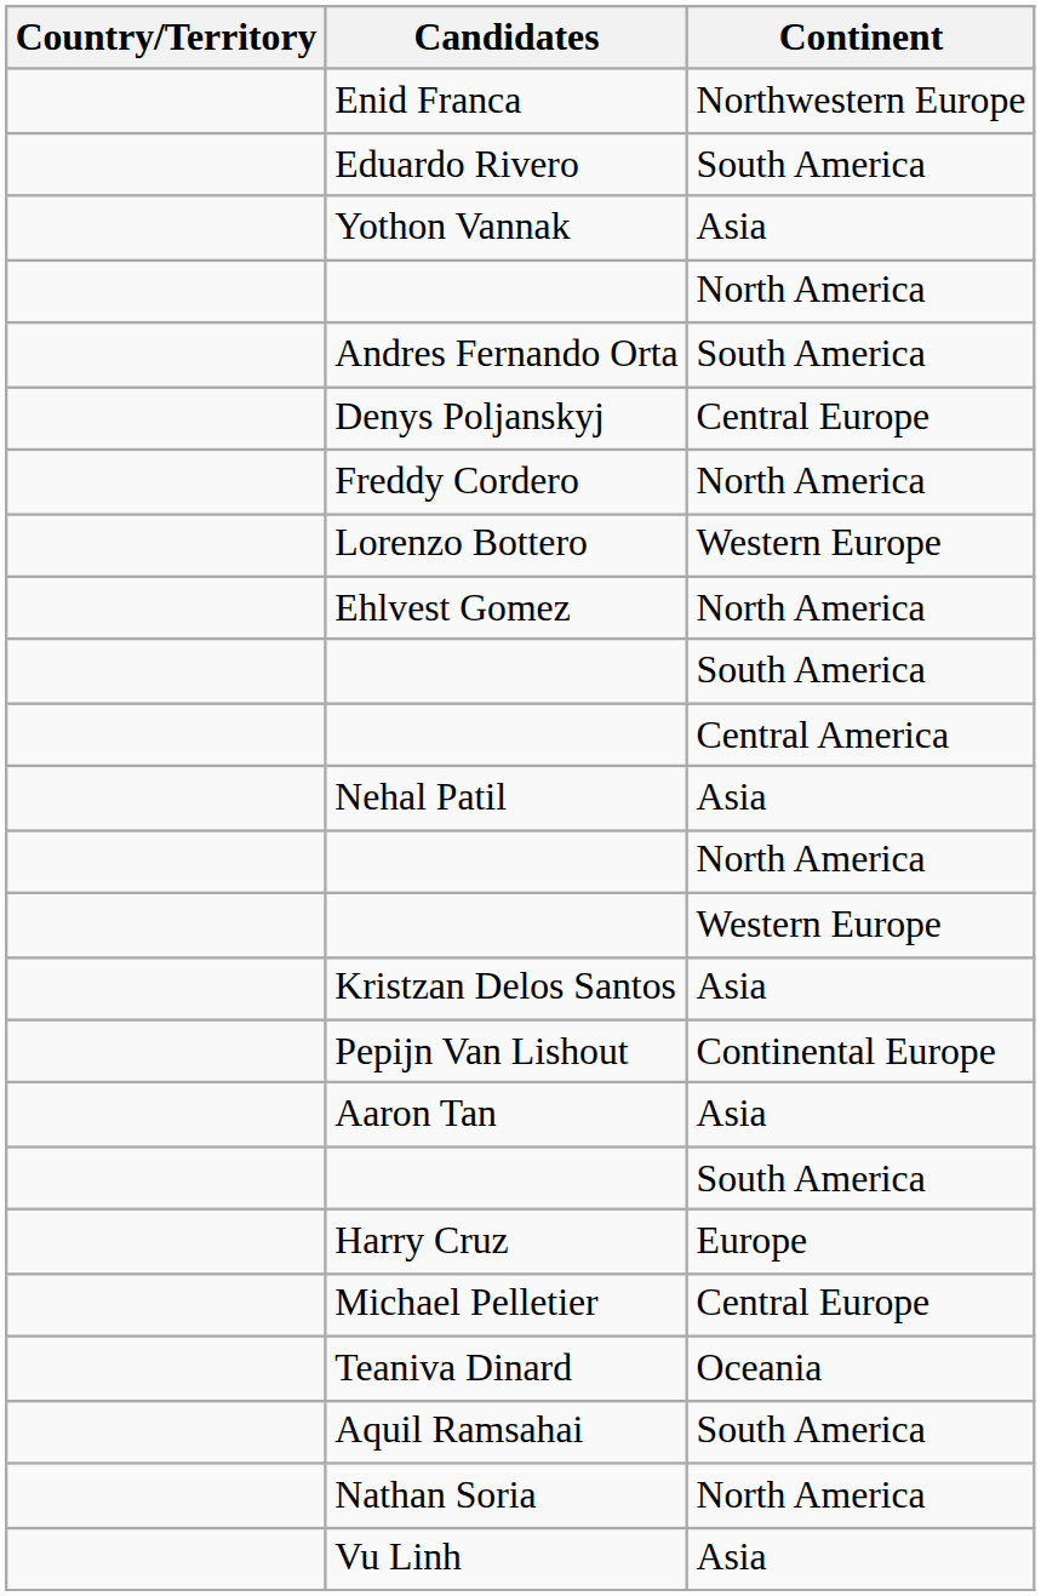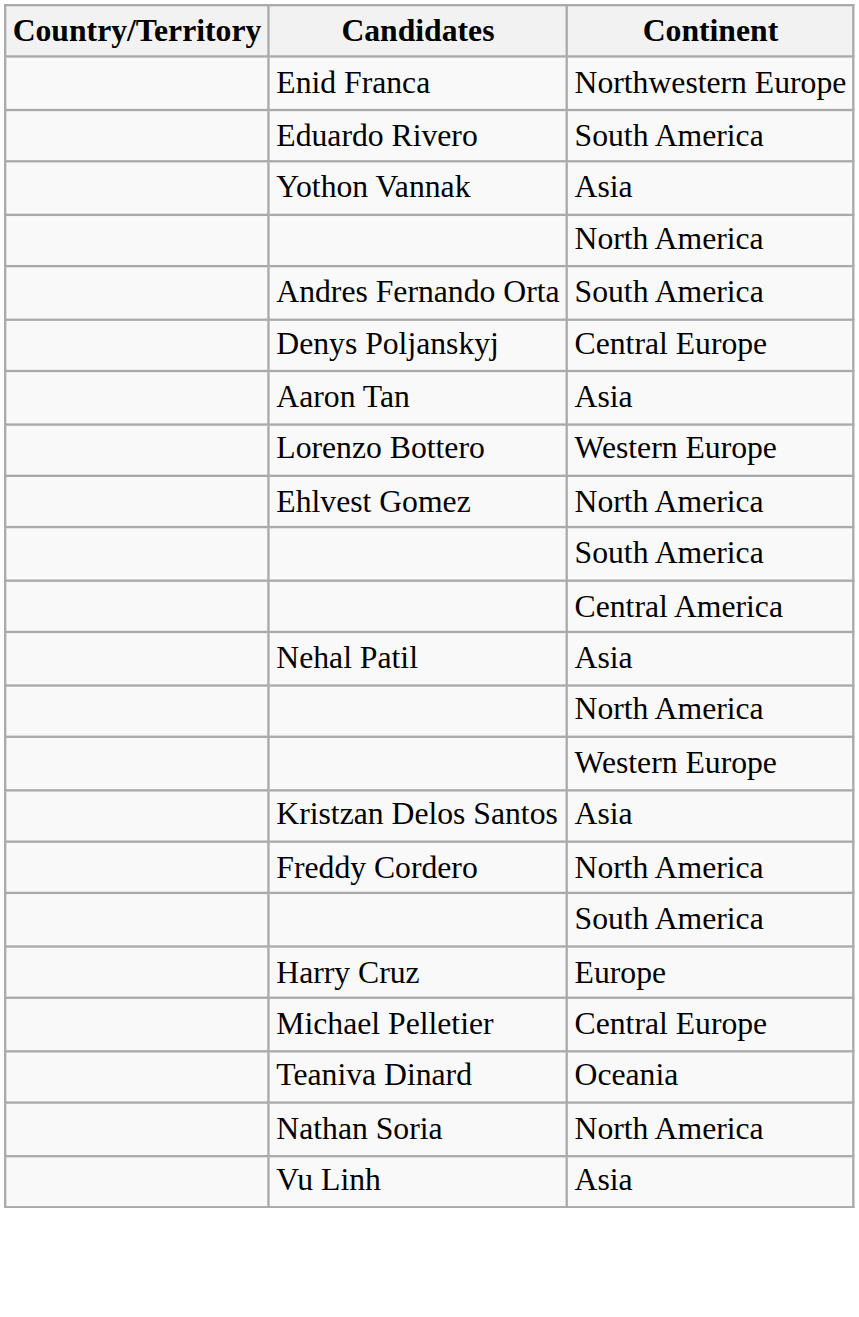 <table class="wikitable sortable" style="font-size: 85%;">
 <tr>
 <th>Country/Territory</th>
 <th>Candidates</th>
 <th>Continent</th>
 </tr>
 <tr>
 <td></td>
 <td>Enid Franca</td>
 <td>Northwestern Europe</td>
 </tr>
 <tr>
 <td></td>
 <td>Eduardo Rivero</td>
 <td>South America</td>
 </tr>
 <tr>
 <td></td>
 <td>Yothon Vannak</td>
 <td>Asia</td>
 </tr>
 <tr>
 <td></td>
 <td></td>
 <td>North America</td>
 </tr>
 <tr>
 <td></td>
 <td>Andres Fernando Orta</td>
 <td>South America</td>
 </tr>
 <tr>
 <td></td>
 <td>Denys Poljanskyj</td>
 <td>Central Europe</td>
 </tr>
 <tr>
 <td></td>
-<td>Freddy Cordero</td>
-<td>North America</td>
+<td>Aaron Tan</td>
+<td>Asia</td>
 </tr>
 <tr>
 <td></td>
 <td>Lorenzo Bottero</td>
 <td>Western Europe</td>
 </tr>
 <tr>
 <td></td>
 <td>Ehlvest Gomez</td>
 <td>North America</td>
 </tr>
 <tr>
 <td></td>
 <td></td>
 <td>South America</td>
 </tr>
 <tr>
 <td></td>
 <td></td>
 <td>Central America</td>
 </tr>
 <tr>
 <td></td>
 <td>Nehal Patil</td>
 <td>Asia</td>
 </tr>
 <tr>
 <td></td>
 <td></td>
 <td>North America</td>
 </tr>
 <tr>
 <td></td>
 <td></td>
 <td>Western Europe</td>
 </tr>
 <tr>
 <td></td>
 <td>Kristzan Delos Santos</td>
 <td>Asia</td>
 </tr>
 <tr>
 <td></td>
-<td>Pepijn Van Lishout</td>
-<td>Continental Europe</td>
-</tr>
-<tr>
-<td></td>
-<td>Aaron Tan</td>
-<td>Asia</td>
+<td>Freddy Cordero</td>
+<td>North America</td>
 </tr>
 <tr>
 <td></td>
 <td></td>
 <td>South America</td>
 </tr>
 <tr>
 <td></td>
 <td>Harry Cruz</td>
 <td>Europe</td>
 </tr>
 <tr>
 <td></td>
 <td>Michael Pelletier</td>
 <td>Central Europe</td>
 </tr>
 <tr>
 <td></td>
 <td>Teaniva Dinard</td>
 <td>Oceania</td>
 </tr>
 <tr>
 <td></td>
-<td>Aquil Ramsahai</td>
-<td>South America</td>
-</tr>
-<tr>
-<td></td>
 <td>Nathan Soria</td>
 <td>North America</td>
 </tr>
 <tr>
 <td></td>
 <td>Vu Linh</td>
 <td>Asia</td>
 </tr>
 <tr>
 </tr>
 </table>
